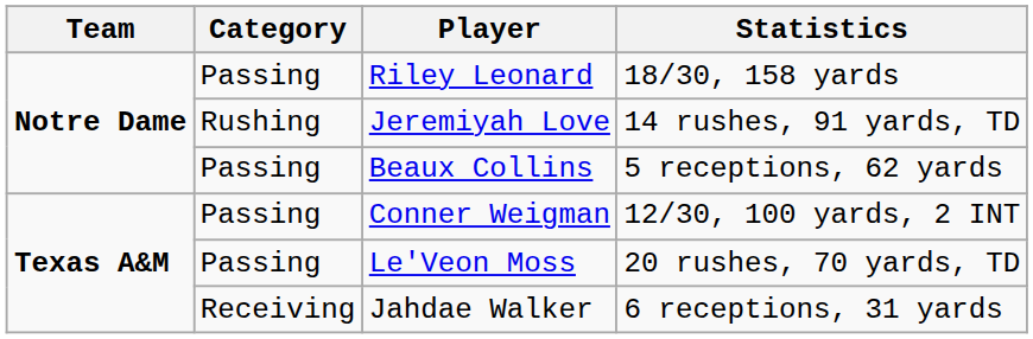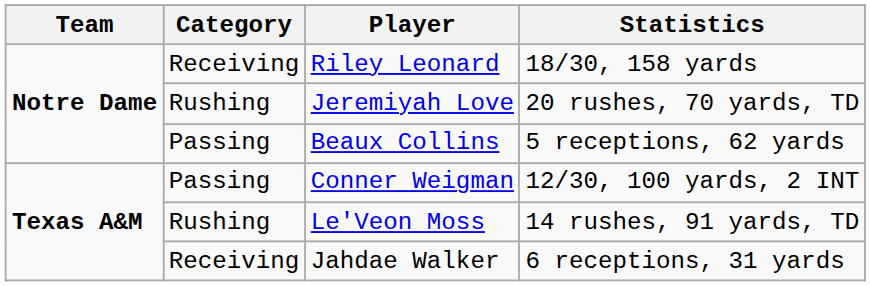 <table class="wikitable" style="float: right;">
 <tr>
 <th>Team</th>
 <th>Category</th>
 <th>Player</th>
 <th>Statistics</th>
 </tr>
 <tr>
 <td rowspan=3><strong>Notre Dame</strong></td>
-<td>Passing</td>
+<td>Receiving</td>
 <td><a href='#'>Riley Leonard</a></td>
 <td>18/30, 158 yards</td>
 </tr>
 <tr>
 <td>Rushing</td>
 <td><a href='#'>Jeremiyah Love</a></td>
-<td>14 rushes, 91 yards, TD</td>
+<td>20 rushes, 70 yards, TD</td>
 </tr>
 <tr>
 <td>Passing</td>
 <td><a href='#'>Beaux Collins</a></td>
 <td>5 receptions, 62 yards</td>
 </tr>
 <tr>
 <td rowspan=3><strong>Texas A&M</strong></td>
 <td>Passing</td>
 <td><a href='#'>Conner Weigman</a></td>
 <td>12/30, 100 yards, 2 INT</td>
 </tr>
 <tr>
-<td>Passing</td>
+<td>Rushing</td>
 <td><a href='#'>Le'Veon Moss</a></td>
-<td>20 rushes, 70 yards, TD</td>
+<td>14 rushes, 91 yards, TD</td>
 </tr>
 <tr>
 <td>Receiving</td>
 <td>Jahdae Walker</td>
 <td>6 receptions, 31 yards</td>
 </tr>
 </table>
